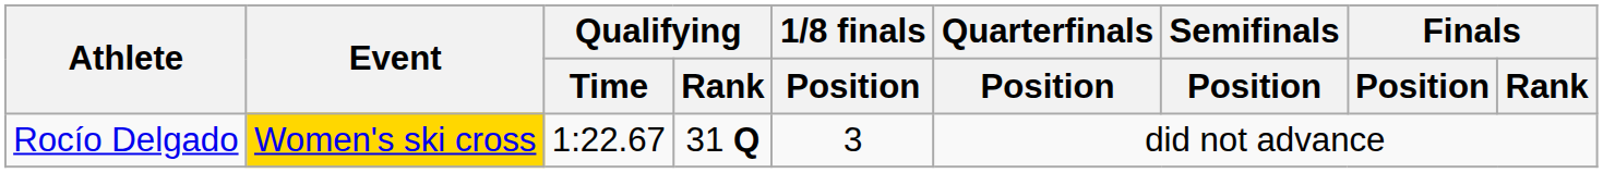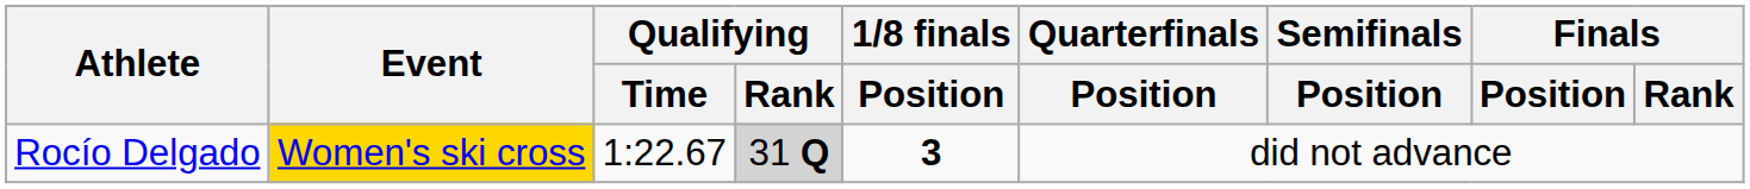 <table class="wikitable" border="1">
 <tr>
 <th rowspan="2">Athlete</th>
 <th rowspan="2">Event</th>
 <th colspan="2">Qualifying</th>
 <th>1/8 finals</th>
 <th>Quarterfinals</th>
 <th>Semifinals</th>
 <th colspan=2>Finals</th>
 </tr>
 <tr>
 <th>Time</th>
 <th>Rank</th>
 <th>Position</th>
 <th>Position</th>
 <th>Position</th>
 <th>Position</th>
 <th>Rank</th>
 </tr>
 <tr align=center>
 <td align=left><a href='#'>Rocío Delgado</a></td>
 <td style="background: gold;"><a href='#'>Women's ski cross</a></td>
 <td>1:22.67</td>
-<td>31 <strong>Q</strong></td>
-<td>3</td>
+<td style="background: lightgrey;">31 <strong>Q</strong></td>
+<td><strong>3</strong></td>
 <td colspan=4>did not advance</td>
 </tr>
 </table>
